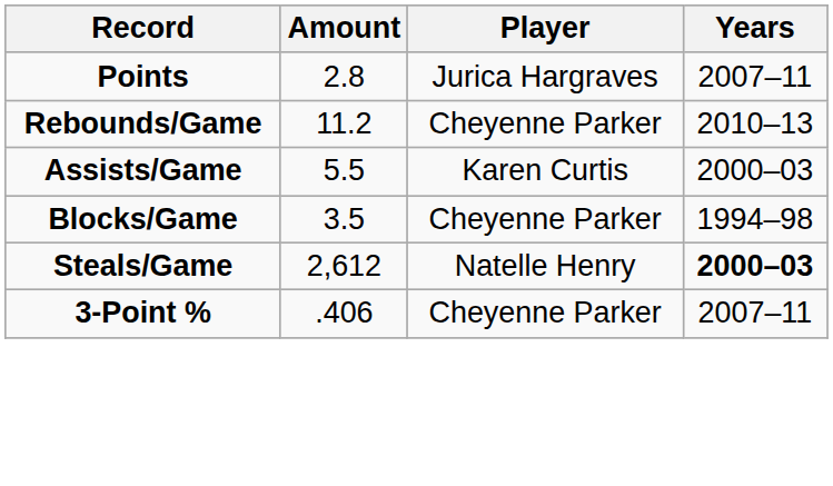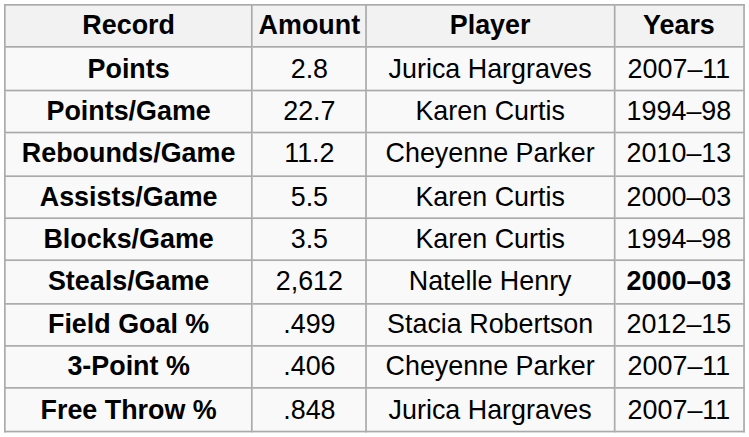 <table class="wikitable">
 <tr>
 <th style="width:140px; ">Record</th>
 <th style="width:35px; ">Amount</th>
 <th style="width:140px; ">Player</th>
 <th style="width:70px; ">Years</th>
 </tr>
 <tr style="text-align:center;">
 <td><strong>Points</strong></td>
 <td>2.8</td>
 <td>Jurica Hargraves</td>
 <td>2007–11</td>
+</tr>
+<tr style="text-align:center;">
+<td><strong>Points/Game</strong></td>
+<td>22.7</td>
+<td>Karen Curtis</td>
+<td>1994–98</td>
 </tr>
 <tr style="text-align:center;">
 <td><strong>Rebounds/Game</strong></td>
 <td>11.2</td>
 <td>Cheyenne Parker</td>
 <td>2010–13</td>
 </tr>
 <tr style="text-align:center;">
 <td><strong>Assists/Game</strong></td>
 <td>5.5</td>
 <td>Karen Curtis</td>
 <td>2000–03</td>
 </tr>
 <tr style="text-align:center;">
 <td><strong>Blocks/Game</strong></td>
 <td>3.5</td>
-<td>Cheyenne Parker</td>
+<td>Karen Curtis</td>
 <td>1994–98</td>
 </tr>
 <tr style="text-align:center;">
 <td><strong>Steals/Game</strong></td>
 <td>2,612</td>
 <td>Natelle Henry</td>
 <td><strong>2000–03</strong></td>
 </tr>
 <tr style="text-align:center;">
+<td><strong>Field Goal %</strong></td>
+<td>.499</td>
+<td>Stacia Robertson</td>
+<td>2012–15</td>
+</tr>
+<tr style="text-align:center;">
 <td><strong>3-Point %</strong></td>
 <td>.406</td>
 <td>Cheyenne Parker</td>
 <td>2007–11</td>
 </tr>
+<tr style="text-align:center;">
+<td><strong>Free Throw %</strong></td>
+<td>.848</td>
+<td>Jurica Hargraves</td>
+<td>2007–11</td>
+</tr>
 </table>
